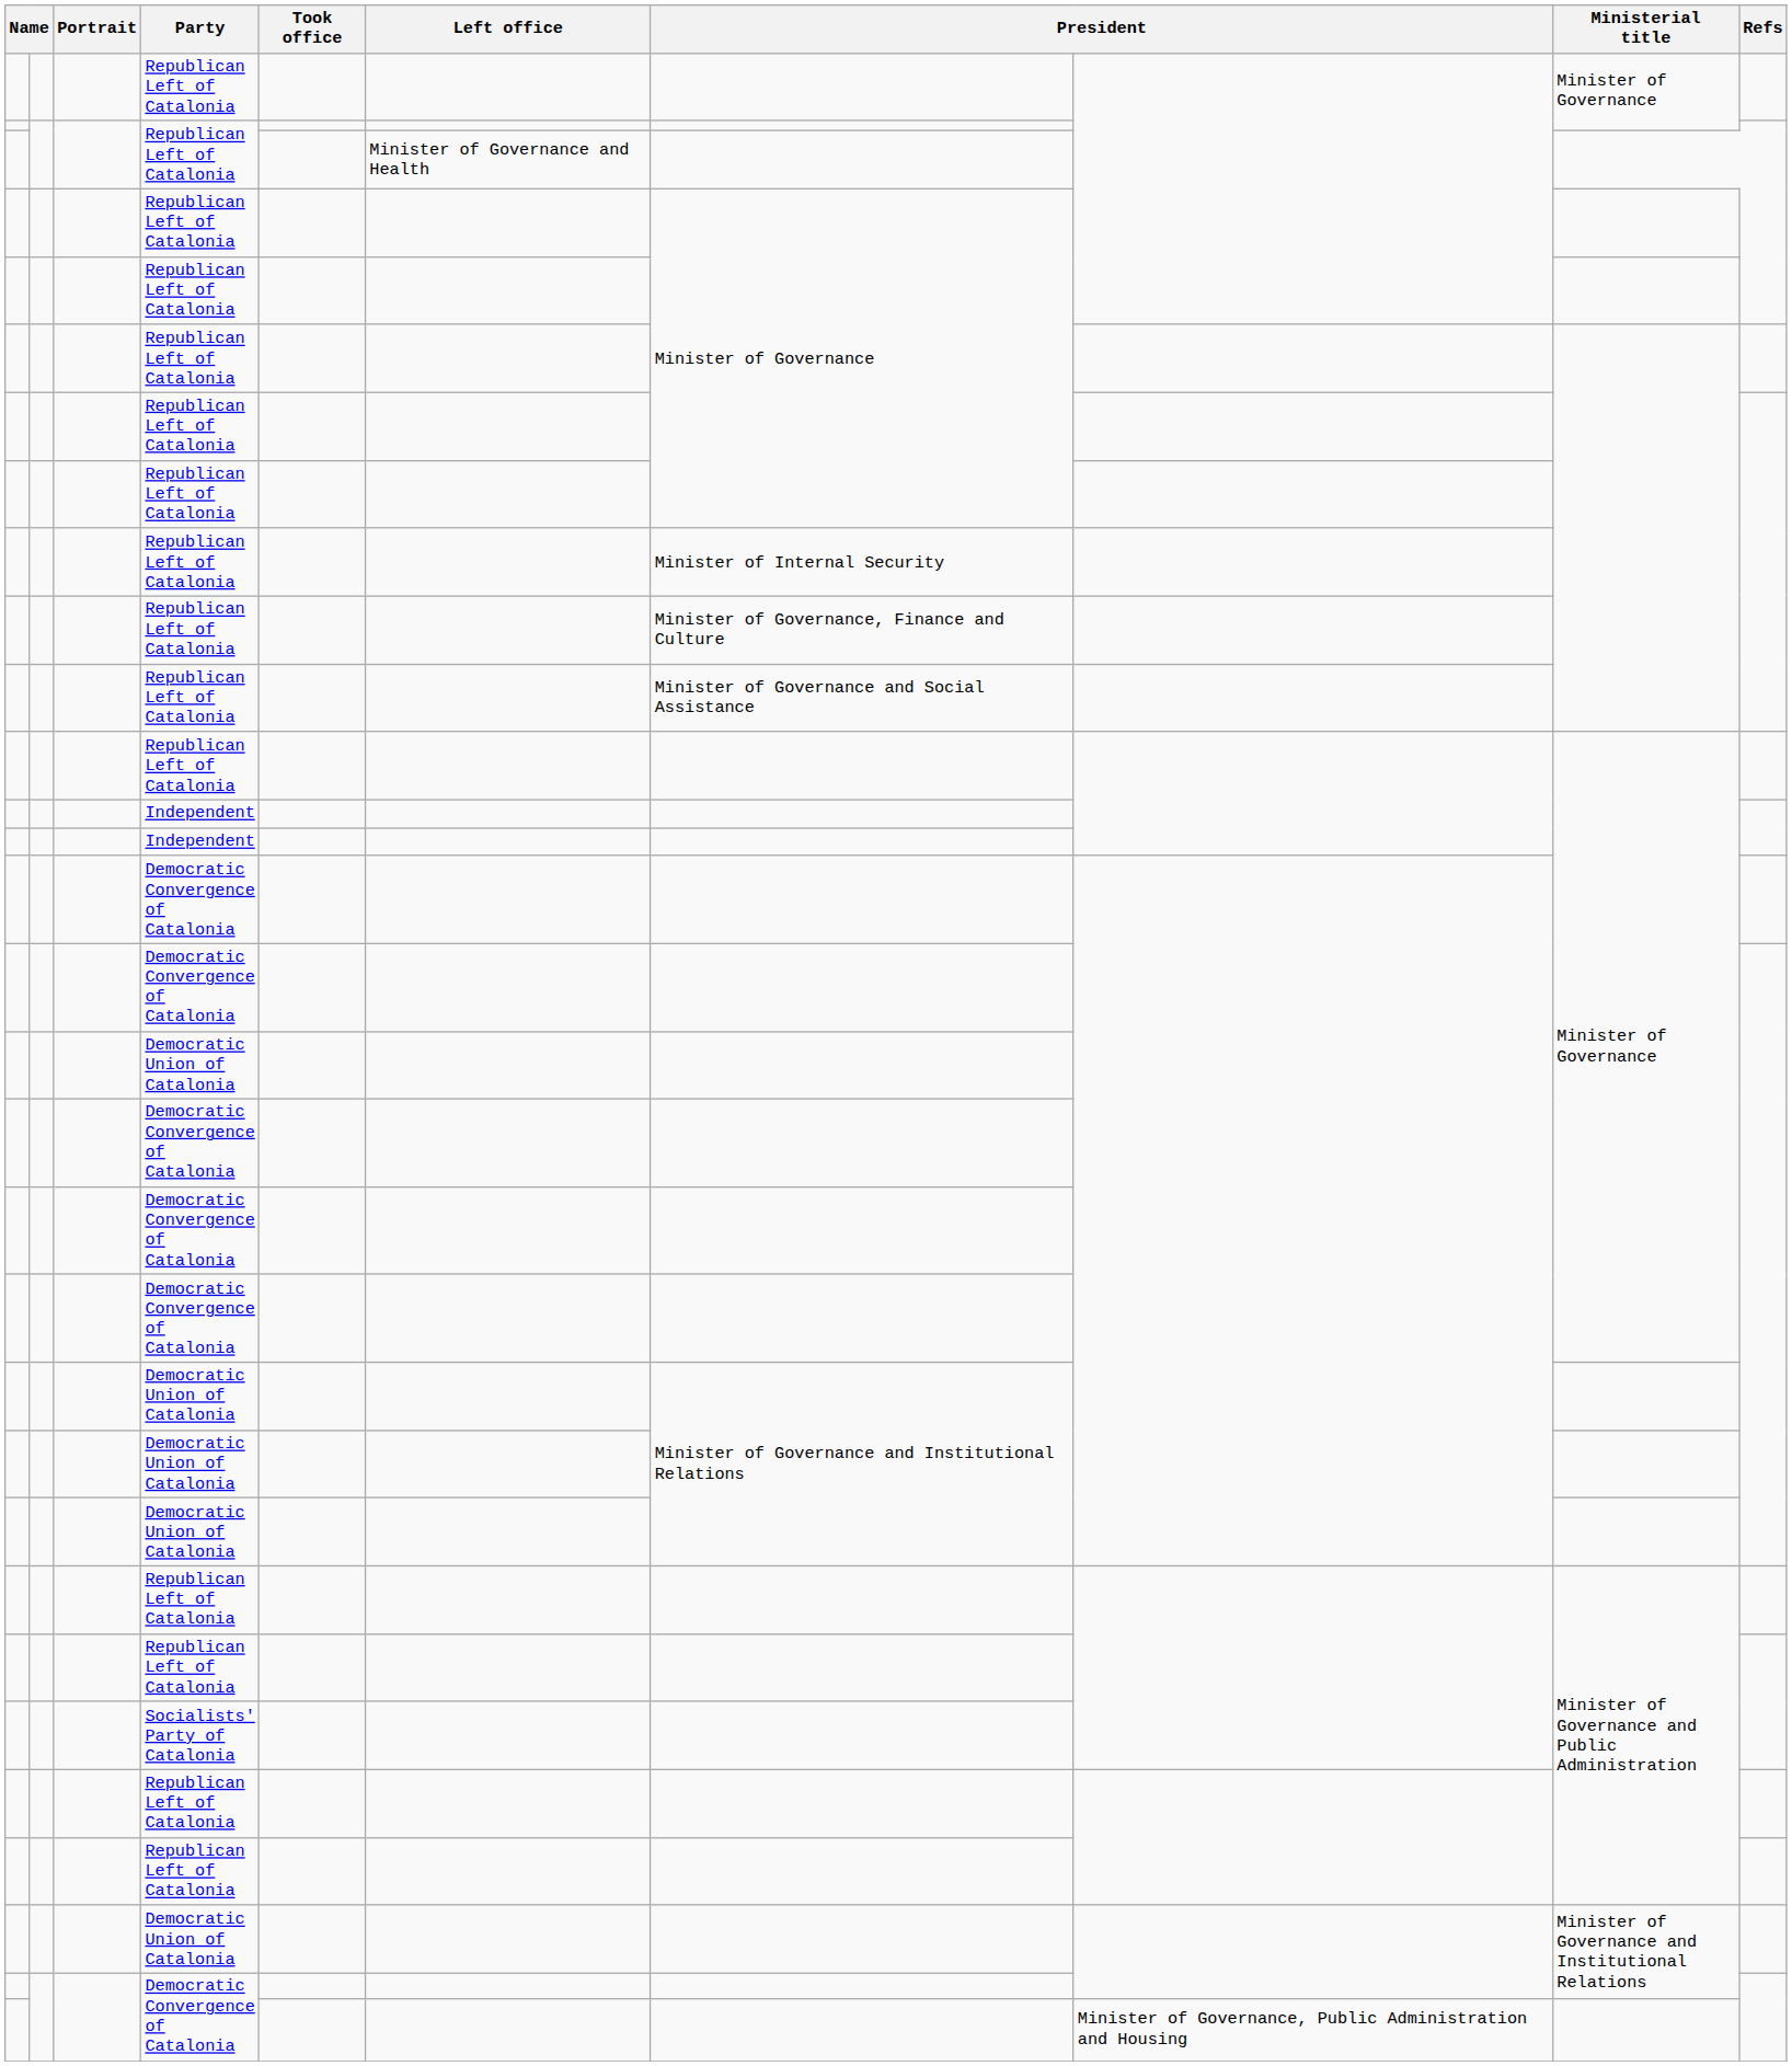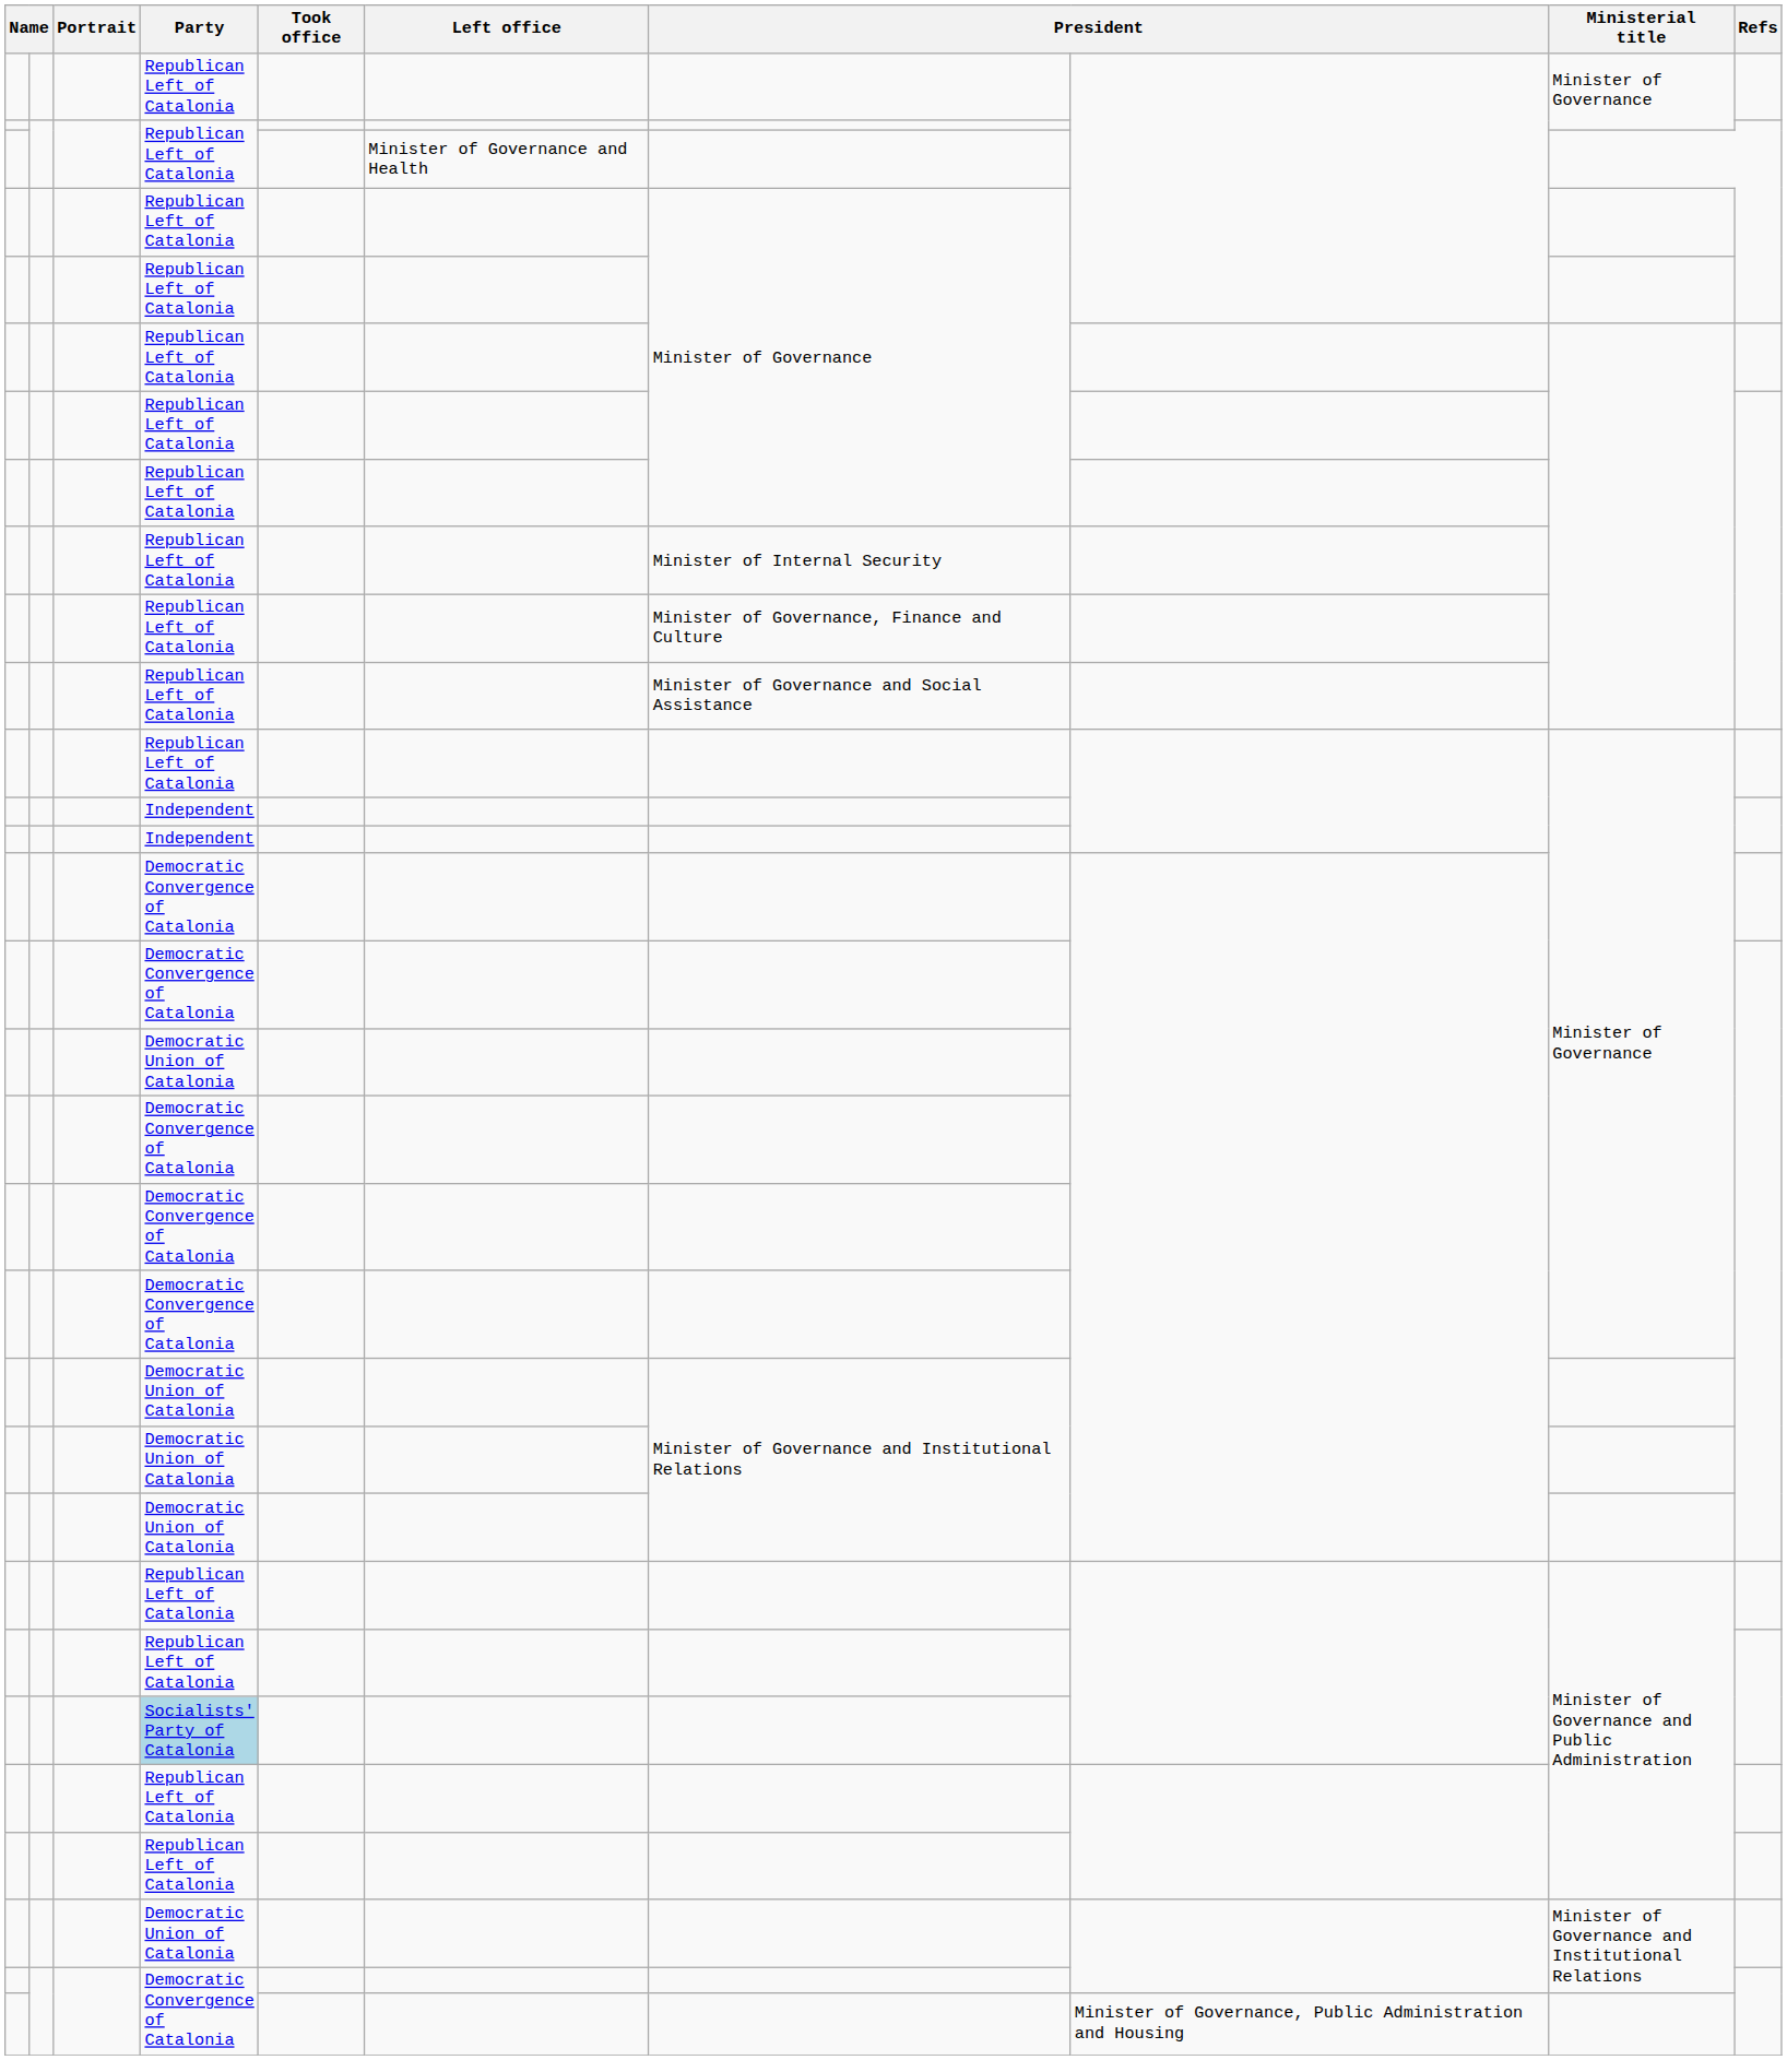 <table class="wikitable plainrowheaders sortable" style="font-size:90%; text-align:left;">
 <tr>
 <th scope=col colspan="2">Name</th>
 <th scope=col class=unsortable>Portrait</th>
 <th scope=col width=50px>Party</th>
 <th scope=col>Took office</th>
 <th scope=col>Left office</th>
 <th scope=col colspan="2">President</th>
 <th width=125px>Ministerial<br>title</th>
 <th scope=col width=25px class=unsortable>Refs</th>
 </tr>
 <tr>
 <td !align="center" style="background:"></td>
 <td></td>
 <td align=center></td>
 <td><a href='#'>Republican Left of Catalonia</a></td>
 <td align=center></td>
 <td align=center></td>
 <td !align="center" style="background:"></td>
 <td rowspan=5></td>
 <td rowspan=2>Minister of Governance</td>
 <td align=center></td>
 </tr>
 <tr>
 <td !align="center" style="background:"></td>
 <td rowspan=2></td>
 <td align=center rowspan=2></td>
 <td rowspan=2><a href='#'>Republican Left of Catalonia</a></td>
 <td align=center></td>
 <td align=center></td>
 <td align=center></td>
 </tr>
 <tr>
 <td align=center></td>
 <td align=center></td>
 <td>Minister of Governance and Health</td>
 <td align=center></td>
 </tr>
 <tr>
 <td !align="center" style="background:"></td>
 <td></td>
 <td align=center></td>
 <td><a href='#'>Republican Left of Catalonia</a></td>
 <td align=center></td>
 <td align=center></td>
 <td rowspan=5>Minister of Governance</td>
 <td align=center></td>
 </tr>
 <tr>
 <td !align="center" style="background:"></td>
 <td></td>
 <td align=center></td>
 <td><a href='#'>Republican Left of Catalonia</a></td>
 <td align=center></td>
 <td align=center></td>
 <td align=center></td>
 </tr>
 <tr>
 <td !align="center" style="background:"></td>
 <td></td>
 <td align=center></td>
 <td><a href='#'>Republican Left of Catalonia</a></td>
 <td align=center></td>
 <td align=center></td>
 <td !align="center" style="background:"></td>
 <td rowspan=6></td>
 <td align=center></td>
 </tr>
 <tr>
 <td !align="center" style="background:"></td>
 <td></td>
 <td align=center></td>
 <td><a href='#'>Republican Left of Catalonia</a></td>
 <td align=center></td>
 <td align=center></td>
 <td align=center></td>
 </tr>
 <tr>
 <td !align="center" style="background:"></td>
 <td></td>
 <td align=center></td>
 <td><a href='#'>Republican Left of Catalonia</a></td>
 <td align=center></td>
 <td align=center></td>
 <td align=center></td>
 </tr>
 <tr>
 <td !align="center" style="background:"></td>
 <td></td>
 <td align=center></td>
 <td><a href='#'>Republican Left of Catalonia</a></td>
 <td align=center></td>
 <td align=center></td>
 <td>Minister of Internal Security</td>
 <td align=center></td>
 </tr>
 <tr>
 <td !align="center" style="background:"></td>
 <td></td>
 <td align=center></td>
 <td><a href='#'>Republican Left of Catalonia</a></td>
 <td align=center></td>
 <td align=center></td>
 <td>Minister of Governance, Finance and Culture</td>
 <td align=center></td>
 </tr>
 <tr>
 <td !align="center" style="background:"></td>
 <td></td>
 <td align=center></td>
 <td><a href='#'>Republican Left of Catalonia</a></td>
 <td align=center></td>
 <td align=center></td>
 <td>Minister of Governance and Social Assistance</td>
 <td align=center></td>
 </tr>
 <tr>
 <td !align="center" style="background:"></td>
 <td></td>
 <td align=center></td>
 <td><a href='#'>Republican Left of Catalonia</a></td>
 <td align=center></td>
 <td align=center></td>
 <td !align="center" style="background:"></td>
 <td rowspan=3></td>
 <td rowspan=9>Minister of Governance</td>
 <td align=center></td>
 </tr>
 <tr>
 <td !align="center" style="background:"></td>
 <td></td>
 <td align=center></td>
 <td><a href='#'>Independent</a></td>
 <td align=center></td>
 <td align=center></td>
 <td align=center></td>
 </tr>
 <tr>
 <td !align="center" style="background:"></td>
 <td></td>
 <td align=center></td>
 <td><a href='#'>Independent</a></td>
 <td align=center></td>
 <td align=center></td>
 <td align=center></td>
 </tr>
 <tr>
 <td !align="center" style="background:"></td>
 <td></td>
 <td align=center></td>
 <td><a href='#'>Democratic Convergence of Catalonia</a></td>
 <td align=center></td>
 <td align=center></td>
 <td !align="center" style="background:"></td>
 <td rowspan=9></td>
 <td align=center></td>
 </tr>
 <tr>
 <td !align="center" style="background:"></td>
 <td></td>
 <td align=center></td>
 <td><a href='#'>Democratic Convergence of Catalonia</a></td>
 <td align=center></td>
 <td align=center></td>
 <td align=center></td>
 </tr>
 <tr>
 <td !align="center" style="background:"></td>
 <td></td>
 <td align=center></td>
 <td><a href='#'>Democratic Union of Catalonia</a></td>
 <td align=center></td>
 <td align=center></td>
 <td align=center></td>
 </tr>
 <tr>
 <td !align="center" style="background:"></td>
 <td></td>
 <td align=center></td>
 <td><a href='#'>Democratic Convergence of Catalonia</a></td>
 <td align=center></td>
 <td align=center></td>
 <td align=center></td>
 </tr>
 <tr>
 <td !align="center" style="background:"></td>
 <td></td>
 <td align=center></td>
 <td><a href='#'>Democratic Convergence of Catalonia</a></td>
 <td align=center></td>
 <td align=center></td>
 <td align=center></td>
 </tr>
 <tr>
 <td !align="center" style="background:"></td>
 <td></td>
 <td align=center></td>
 <td><a href='#'>Democratic Convergence of Catalonia</a></td>
 <td align=center></td>
 <td align=center></td>
 <td align=center></td>
 </tr>
 <tr>
 <td !align="center" style="background:"></td>
 <td></td>
 <td align=center></td>
 <td><a href='#'>Democratic Union of Catalonia</a></td>
 <td align=center></td>
 <td align=center></td>
 <td rowspan=3>Minister of Governance and Institutional Relations</td>
 <td align=center></td>
 </tr>
 <tr>
 <td !align="center" style="background:"></td>
 <td></td>
 <td align=center></td>
 <td><a href='#'>Democratic Union of Catalonia</a></td>
 <td align=center></td>
 <td align=center></td>
 <td align=center></td>
 </tr>
 <tr>
 <td !align="center" style="background:"></td>
 <td></td>
 <td align=center></td>
 <td><a href='#'>Democratic Union of Catalonia</a></td>
 <td align=center></td>
 <td align=center></td>
 <td align=center></td>
 </tr>
 <tr>
 <td !align="center" style="background:"></td>
 <td></td>
 <td align=center></td>
 <td><a href='#'>Republican Left of Catalonia</a></td>
 <td align=center></td>
 <td align=center></td>
 <td !align="center" style="background:"></td>
 <td rowspan=3></td>
 <td rowspan=5>Minister of Governance and Public Administration</td>
 <td align=center></td>
 </tr>
 <tr>
 <td !align="center" style="background:"></td>
 <td></td>
 <td align=center></td>
 <td><a href='#'>Republican Left of Catalonia</a></td>
 <td align=center></td>
 <td align=center></td>
 <td align=center></td>
 </tr>
 <tr>
 <td !align="center" style="background:"></td>
 <td></td>
 <td align=center></td>
-<td><a href='#'>Socialists' Party of Catalonia</a></td>
+<td style="background: lightblue;"><a href='#'>Socialists' Party of Catalonia</a></td>
 <td align=center></td>
 <td align=center></td>
 <td align=center></td>
 </tr>
 <tr>
 <td !align="center" style="background:"></td>
 <td></td>
 <td align=center></td>
 <td><a href='#'>Republican Left of Catalonia</a></td>
 <td align=center></td>
 <td align=center></td>
 <td !align="center" style="background:"></td>
 <td rowspan=2></td>
 <td align=center></td>
 </tr>
 <tr>
 <td !align="center" style="background:"></td>
 <td></td>
 <td align=center></td>
 <td><a href='#'>Republican Left of Catalonia</a></td>
 <td align=center></td>
 <td align=center></td>
 <td align=center></td>
 </tr>
 <tr>
 <td !align="center" style="background:"></td>
 <td></td>
 <td align=center></td>
 <td><a href='#'>Democratic Union of Catalonia</a></td>
 <td align=center></td>
 <td align=center></td>
 <td !align="center" style="background:"></td>
 <td rowspan=2></td>
 <td rowspan=2>Minister of Governance and Institutional Relations</td>
 <td align=center></td>
 </tr>
 <tr>
 <td !align="center" style="background:"></td>
 <td rowspan=2></td>
 <td align=center rowspan=2></td>
 <td rowspan=2><a href='#'>Democratic Convergence of Catalonia</a></td>
 <td align=center></td>
 <td align=center></td>
 <td align=center></td>
 </tr>
 <tr>
 <td align=center></td>
 <td align=center></td>
 <td !align="center" style="background:"></td>
 <td></td>
 <td>Minister of Governance, Public Administration and Housing</td>
 <td align=center></td>
 </tr>
 </table>
